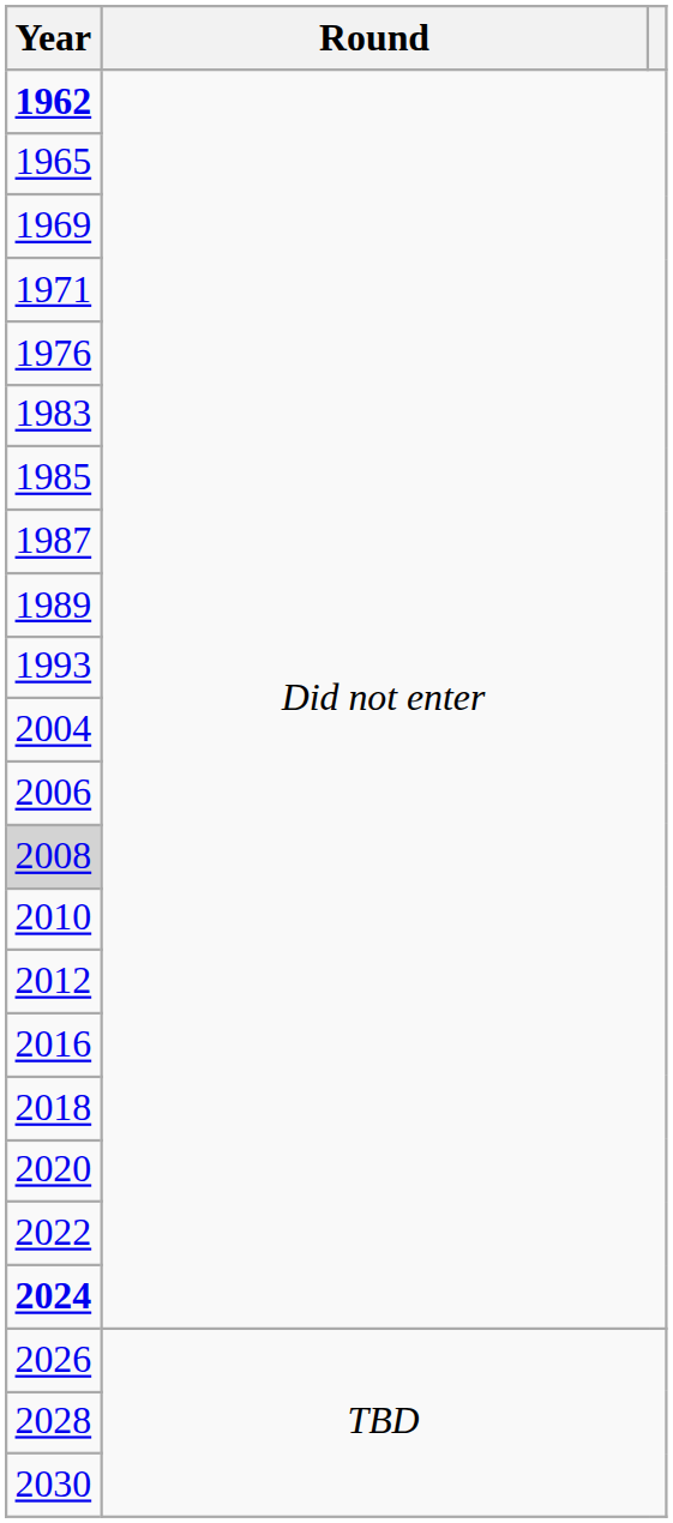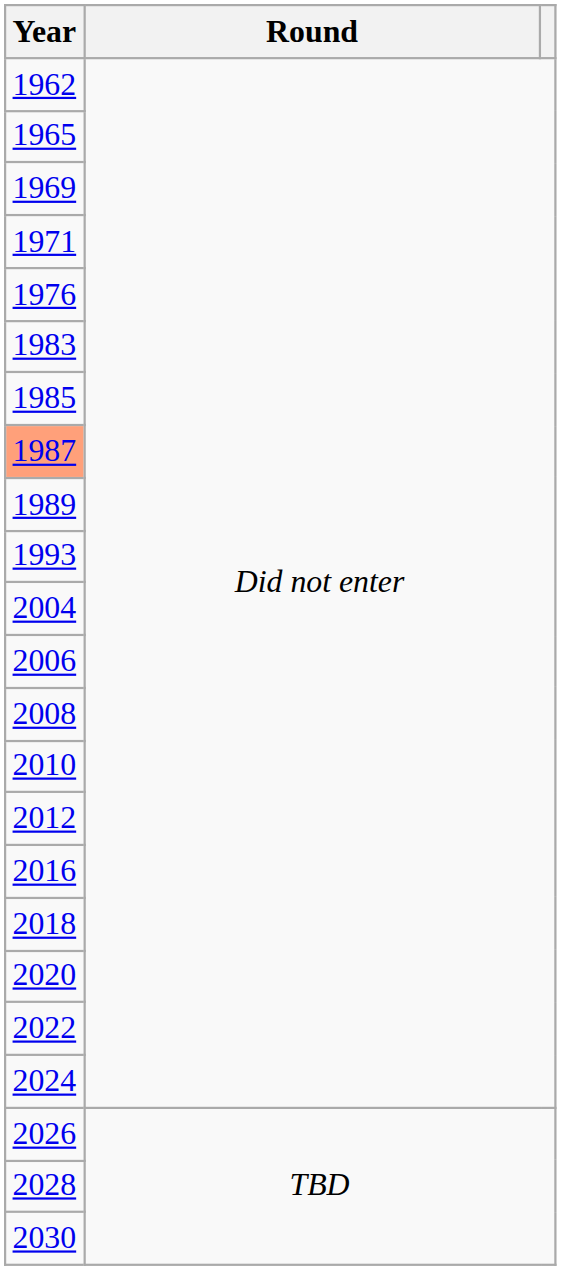 <table class="wikitable" style="text-align: center; font-size:90%">
 <tr>
 <th>Year</th>
 <th style="width:200px">Round</th>
 <th></th>
 </tr>
 <tr>
-<td><strong><a href='#'>1962</a></strong></td>
+<td><a href='#'>1962</a></td>
 <td colspan="2" rowspan="20"><em>Did not enter</em></td>
 </tr>
 <tr>
 <td><a href='#'>1965</a></td>
 </tr>
 <tr>
 <td><a href='#'>1969</a></td>
 </tr>
 <tr>
 <td><a href='#'>1971</a></td>
 </tr>
 <tr>
 <td><a href='#'>1976</a></td>
 </tr>
 <tr>
 <td><a href='#'>1983</a></td>
 </tr>
 <tr>
 <td><a href='#'>1985</a></td>
 </tr>
 <tr>
-<td><a href='#'>1987</a></td>
+<td style="background: lightsalmon;"><a href='#'>1987</a></td>
 </tr>
 <tr>
 <td><a href='#'>1989</a></td>
 </tr>
 <tr>
 <td><a href='#'>1993</a></td>
 </tr>
 <tr>
 <td><a href='#'>2004</a></td>
 </tr>
 <tr>
 <td><a href='#'>2006</a></td>
 </tr>
 <tr>
-<td style="background: lightgrey;"><a href='#'>2008</a></td>
+<td><a href='#'>2008</a></td>
 </tr>
 <tr>
 <td><a href='#'>2010</a></td>
 </tr>
 <tr>
 <td><a href='#'>2012</a></td>
 </tr>
 <tr>
 <td><a href='#'>2016</a></td>
 </tr>
 <tr>
 <td><a href='#'>2018</a></td>
 </tr>
 <tr>
 <td><a href='#'>2020</a></td>
 </tr>
 <tr>
 <td><a href='#'>2022</a></td>
 </tr>
 <tr>
-<td><strong><a href='#'>2024</a></strong></td>
+<td><a href='#'>2024</a></td>
 </tr>
 <tr>
 <td><a href='#'>2026</a></td>
 <td colspan="2" rowspan="3"><em>TBD</em></td>
 </tr>
 <tr>
 <td><a href='#'>2028</a></td>
 </tr>
 <tr>
 <td><a href='#'>2030</a></td>
 </tr>
 </table>
